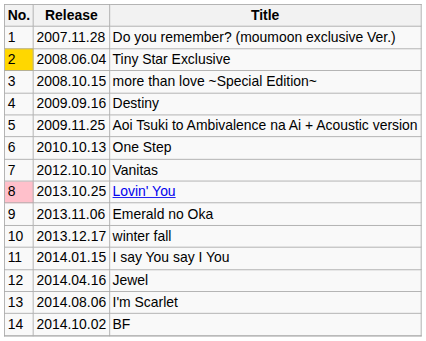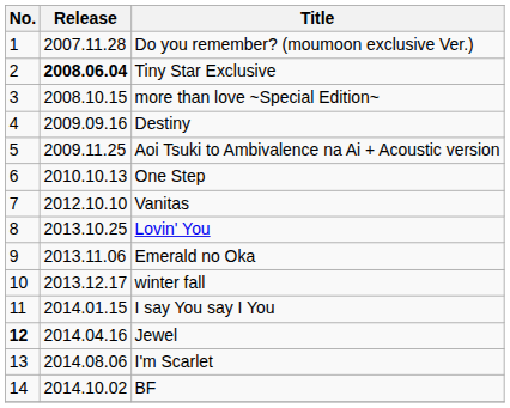 <table class="wikitable">
 <tr>
 <th>No.</th>
 <th>Release</th>
 <th>Title</th>
 </tr>
 <tr>
 <td>1</td>
 <td>2007.11.28</td>
 <td>Do you remember? (moumoon exclusive Ver.)</td>
 </tr>
 <tr>
-<td style="background: gold;">2</td>
-<td>2008.06.04</td>
+<td>2</td>
+<td><strong>2008.06.04</strong></td>
 <td>Tiny Star Exclusive</td>
 </tr>
 <tr>
 <td>3</td>
 <td>2008.10.15</td>
 <td>more than love ~Special Edition~</td>
 </tr>
 <tr>
 <td>4</td>
 <td>2009.09.16</td>
 <td>Destiny</td>
 </tr>
 <tr>
 <td>5</td>
 <td>2009.11.25</td>
 <td>Aoi Tsuki to Ambivalence na Ai + Acoustic version</td>
 </tr>
 <tr>
 <td>6</td>
 <td>2010.10.13</td>
 <td>One Step</td>
 </tr>
 <tr>
 <td>7</td>
 <td>2012.10.10</td>
 <td>Vanitas</td>
 </tr>
 <tr>
-<td style="background: pink;">8</td>
+<td>8</td>
 <td>2013.10.25</td>
 <td><a href='#'>Lovin' You</a></td>
 </tr>
 <tr>
 <td>9</td>
 <td>2013.11.06</td>
 <td>Emerald no Oka</td>
 </tr>
 <tr>
 <td>10</td>
 <td>2013.12.17</td>
 <td>winter fall</td>
 </tr>
 <tr>
 <td>11</td>
 <td>2014.01.15</td>
 <td>I say You say I You</td>
 </tr>
 <tr>
-<td>12</td>
+<td><strong>12</strong></td>
 <td>2014.04.16</td>
 <td>Jewel</td>
 </tr>
 <tr>
 <td>13</td>
 <td>2014.08.06</td>
 <td>I'm Scarlet</td>
 </tr>
 <tr>
 <td>14</td>
 <td>2014.10.02</td>
 <td>BF</td>
 </tr>
 <tr>
 </tr>
 </table>
